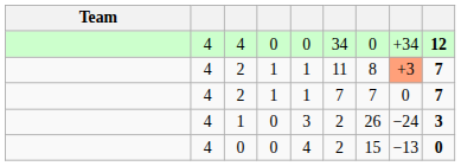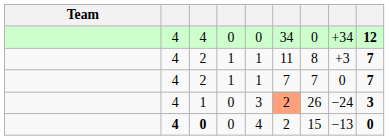 <table class="wikitable" style="text-align: center;">
 <tr>
 <th width=175>Team</th>
 <th width=25></th>
 <th width=25></th>
 <th width=25></th>
 <th width=25></th>
 <th width=25></th>
 <th width=25></th>
 <th width=25></th>
 <th width=25></th>
 </tr>
 <tr bgcolor=ccffcc>
 <td style="text-align:left;"></td>
 <td>4</td>
 <td>4</td>
 <td>0</td>
 <td>0</td>
 <td>34</td>
 <td>0</td>
 <td>+34</td>
 <td><strong>12</strong></td>
 </tr>
 <tr>
 <td align=left></td>
 <td>4</td>
 <td>2</td>
 <td>1</td>
 <td>1</td>
 <td>11</td>
 <td>8</td>
-<td style="background: lightsalmon;">+3</td>
+<td>+3</td>
 <td><strong>7</strong></td>
 </tr>
 <tr>
 <td align=left></td>
 <td>4</td>
 <td>2</td>
 <td>1</td>
 <td>1</td>
 <td>7</td>
 <td>7</td>
 <td>0</td>
 <td><strong>7</strong></td>
 </tr>
 <tr>
 <td align=left></td>
 <td>4</td>
 <td>1</td>
 <td>0</td>
 <td>3</td>
-<td>2</td>
+<td style="background: lightsalmon;">2</td>
 <td>26</td>
 <td>−24</td>
 <td><strong>3</strong></td>
 </tr>
 <tr>
 <td align=left></td>
-<td>4</td>
-<td>0</td>
+<td><strong>4</strong></td>
+<td><strong>0</strong></td>
 <td>0</td>
 <td>4</td>
 <td>2</td>
 <td>15</td>
 <td>−13</td>
 <td><strong>0</strong></td>
 </tr>
 </table>
